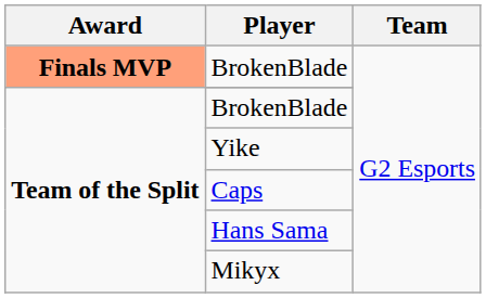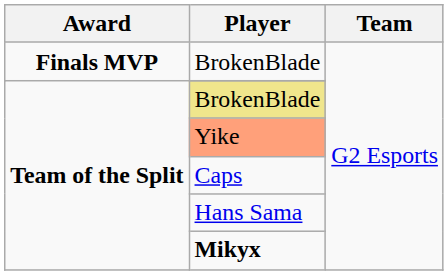 <table class="wikitable">
 <tr>
 <th>Award</th>
 <th>Player</th>
 <th>Team</th>
 </tr>
 <tr>
-<td style="background: lightsalmon; text-align:center;"><strong>Finals MVP</strong></td>
+<td style="text-align:center;"><strong>Finals MVP</strong></td>
 <td>BrokenBlade</td>
 <td rowspan=7><a href='#'>G2 Esports</a></td>
 </tr>
 <tr>
 <td rowspan=6 style="text-align:center;"><strong>Team of the Split</strong></td>
 </tr>
 <tr>
-<td>BrokenBlade</td>
+<td style="background: khaki;">BrokenBlade</td>
 </tr>
 <tr>
-<td>Yike</td>
+<td style="background: lightsalmon;">Yike</td>
 </tr>
 <tr>
 <td><a href='#'>Caps</a></td>
 </tr>
 <tr>
 <td><a href='#'>Hans Sama</a></td>
 </tr>
 <tr>
-<td>Mikyx</td>
+<td><strong>Mikyx</strong></td>
 </tr>
 </table>
